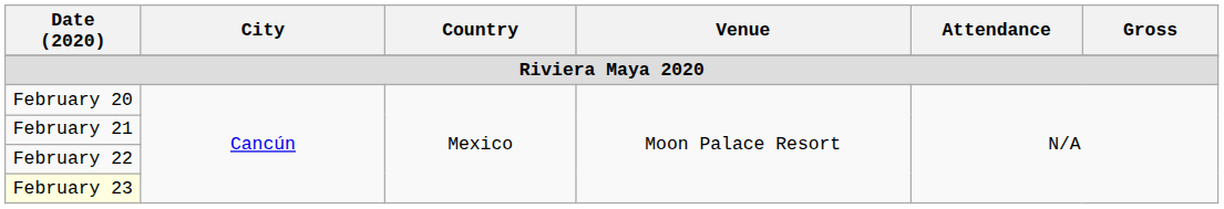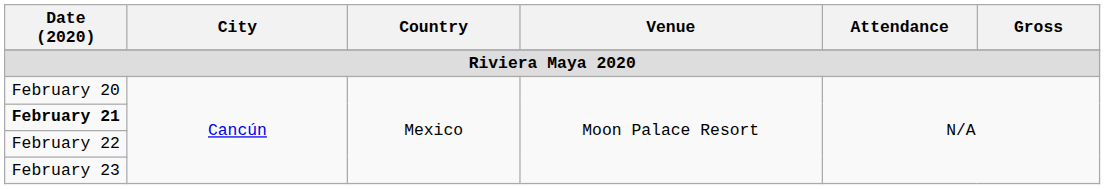 <table class="wikitable plainrowheaders" style="text-align:center;">
 <tr>
 <th scope="col" style="width:7em;">Date<br>(2020)</th>
 <th scope="col" style="width:13em;">City</th>
 <th scope="col" style="width:10em;">Country</th>
 <th scope="col" style="width:18em;">Venue</th>
 <th scope="col" style="width:9em;">Attendance</th>
 <th scope="col" style="width:7em;">Gross</th>
 </tr>
 <tr>
 </tr>
 <tr style="background:#ddd;">
 <td colspan="6" style="text-align:center;"><strong>Riviera Maya 2020</strong></td>
 </tr>
 <tr>
 <td>February 20</td>
 <td rowspan="4"><a href='#'>Cancún</a></td>
 <td rowspan="4">Mexico</td>
 <td rowspan="4">Moon Palace Resort</td>
 <td colspan="2" rowspan="4">N/A</td>
 </tr>
 <tr>
-<td>February 21</td>
+<td><strong>February 21</strong></td>
 </tr>
 <tr>
 <td>February 22</td>
 </tr>
 <tr>
-<td style="background: lightyellow;">February 23</td>
+<td>February 23</td>
 </tr>
 </table>
